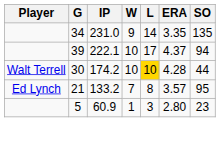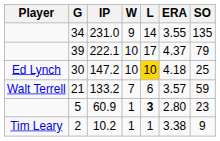 <table class="wikitable sortable">
 <tr>
 <th>Player</th>
 <th>G</th>
 <th>IP</th>
 <th>W</th>
 <th>L</th>
 <th>ERA</th>
 <th>SO</th>
 </tr>
 <tr align="center">
 <td></td>
 <td>34</td>
 <td>231.0</td>
 <td>9</td>
 <td>14</td>
-<td>3.35</td>
+<td>3.55</td>
 <td>135</td>
 </tr>
 <tr align="center">
 <td></td>
 <td>39</td>
 <td>222.1</td>
 <td>10</td>
 <td>17</td>
 <td>4.37</td>
-<td>94</td>
+<td>79</td>
 </tr>
 <tr align="center">
-<td><a href='#'>Walt Terrell</a></td>
+<td><a href='#'>Ed Lynch</a></td>
 <td>30</td>
-<td>174.2</td>
+<td>147.2</td>
 <td>10</td>
 <td style="background: gold;">10</td>
-<td>4.28</td>
-<td>44</td>
+<td>4.18</td>
+<td>25</td>
 </tr>
 <tr align=center>
-<td><a href='#'>Ed Lynch</a></td>
+<td><a href='#'>Walt Terrell</a></td>
 <td>21</td>
 <td>133.2</td>
 <td>7</td>
-<td>8</td>
+<td>6</td>
 <td>3.57</td>
-<td>95</td>
+<td>59</td>
 </tr>
 <tr align=center>
 <td></td>
 <td>5</td>
 <td>60.9</td>
 <td>1</td>
-<td>3</td>
+<td><strong>3</strong></td>
 <td>2.80</td>
 <td>23</td>
 </tr>
+<tr align="center">
+<td><a href='#'>Tim Leary</a></td>
+<td>2</td>
+<td>10.2</td>
+<td>1</td>
+<td>1</td>
+<td>3.38</td>
+<td>9</td>
+</tr>
 </table>
